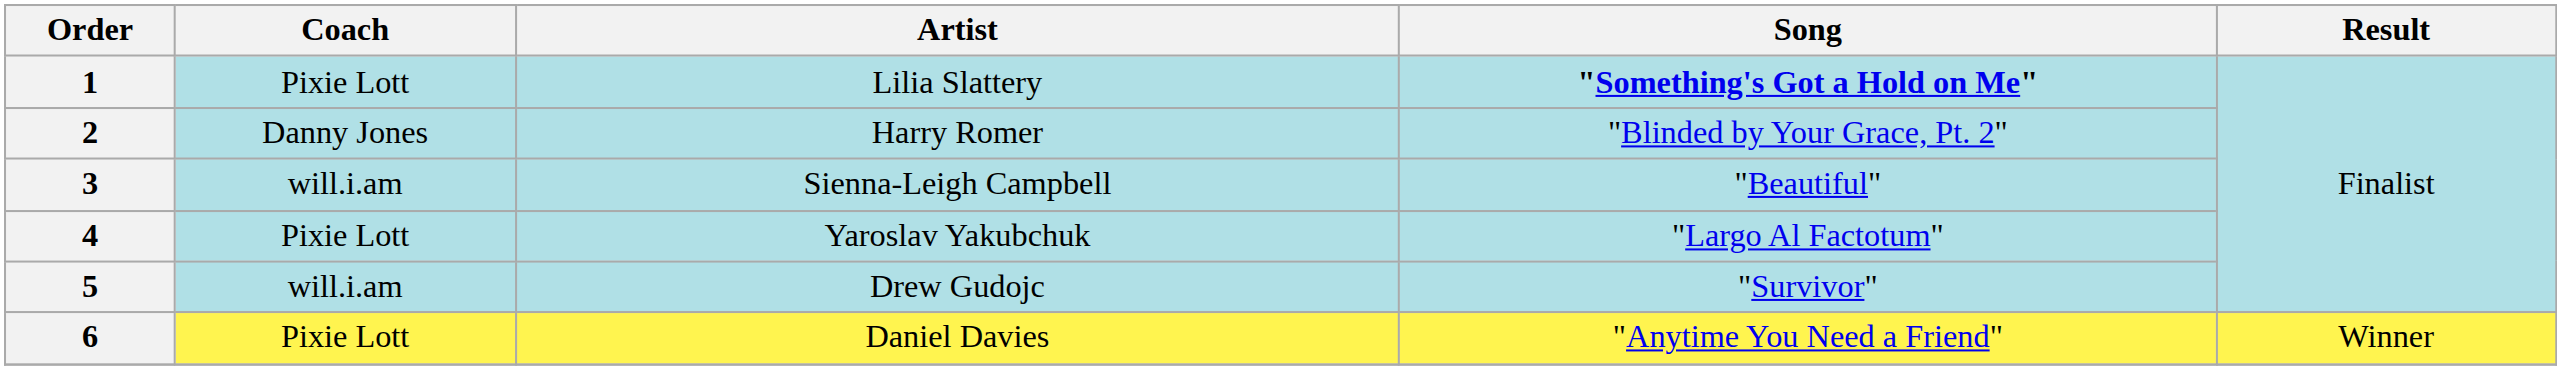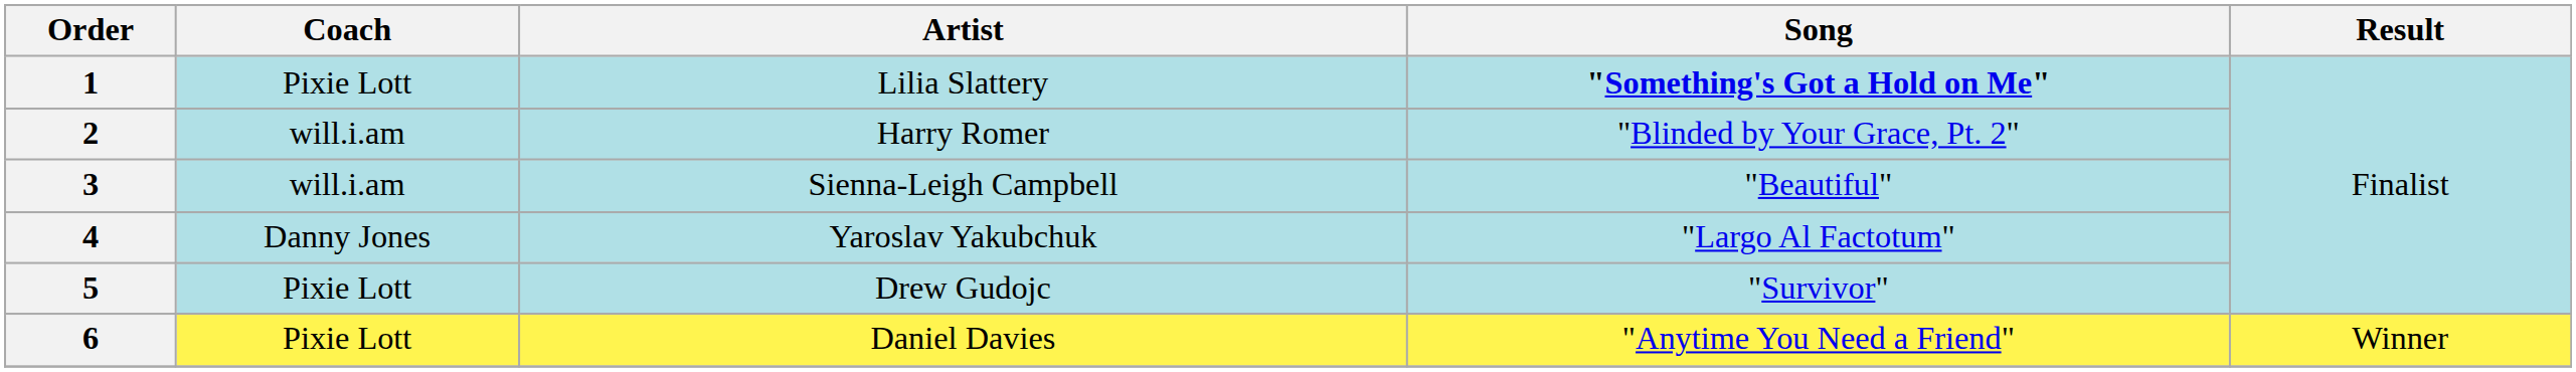 <table class="wikitable" style="text-align:center; width:100%;”">
 <tr>
 <th style="width:05%;">Order</th>
 <th style="width:10%;">Coach</th>
 <th style="width:26%;">Artist</th>
 <th style="width:24%;">Song</th>
 <th style="width:10%;">Result</th>
 </tr>
 <tr>
 <th scope="col">1</th>
 <td style="background:#B0E0E6;text-align:center;">Pixie Lott</td>
 <td style="background:#B0E0E6;text-align:center;">Lilia Slattery</td>
 <td style="background:#B0E0E6;text-align:center;"><strong>"<a href='#'>Something's Got a Hold on Me</a>"</strong></td>
 <td rowspan="5" style="background:#B0E0E6;text-align:center;">Finalist</td>
 </tr>
 <tr>
 <th scope="col">2</th>
-<td style="background:#B0E0E6;text-align:center;">Danny Jones</td>
+<td style="background:#B0E0E6;text-align:center;">will.i.am</td>
 <td style="background:#B0E0E6;text-align:center;">Harry Romer</td>
 <td style="background:#B0E0E6;text-align:center;">"<a href='#'>Blinded by Your Grace, Pt. 2</a>"</td>
 </tr>
 <tr>
 <th scope="col">3</th>
 <td style="background:#B0E0E6;text-align:center;">will.i.am</td>
 <td style="background:#B0E0E6;text-align:center;">Sienna-Leigh Campbell</td>
 <td style="background:#B0E0E6;text-align:center;">"<a href='#'>Beautiful</a>"</td>
 </tr>
 <tr>
 <th scope="col">4</th>
-<td style="background:#B0E0E6;text-align:center;">Pixie Lott</td>
+<td style="background:#B0E0E6;text-align:center;">Danny Jones</td>
 <td style="background:#B0E0E6;text-align:center;">Yaroslav Yakubchuk</td>
 <td style="background:#B0E0E6;text-align:center;">"<a href='#'>Largo Al Factotum</a>"</td>
 </tr>
 <tr>
 <th scope="col">5</th>
-<td style="background:#B0E0E6;text-align:center;">will.i.am</td>
+<td style="background:#B0E0E6;text-align:center;">Pixie Lott</td>
 <td style="background:#B0E0E6;text-align:center;">Drew Gudojc</td>
 <td style="background:#B0E0E6;text-align:center;">"<a href='#'>Survivor</a>"</td>
 </tr>
 <tr>
 <th scope="col">6</th>
 <td style="background:#FFF44F;text-align:center;">Pixie Lott</td>
 <td style="background:#FFF44F;text-align:center;">Daniel Davies</td>
 <td style="background:#FFF44F;text-align:center;">"<a href='#'>Anytime You Need a Friend</a>"</td>
 <td style="background:#FFF44F;text-align:center;">Winner</td>
 </tr>
 <tr>
 </tr>
 </table>
